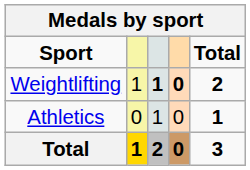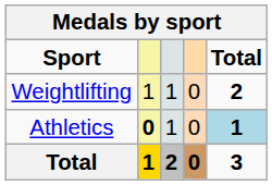 <table class=wikitable style="font-size:85%; float:right;text-align:center">
 <tr bgcolor=EFEFEF>
 <th colspan=7><strong>Medals by sport</strong></th>
 </tr>
 <tr>
 <td><strong>Sport</strong></td>
 <td bgcolor=F7F6A8></td>
 <td bgcolor=DCE5E5></td>
 <td bgcolor=FFDBA9></td>
 <td><strong>Total</strong></td>
 </tr>
 <tr>
 <td><a href='#'>Weightlifting</a></td>
 <td bgcolor=F7F6A8>1</td>
-<td bgcolor=DCE5E5><strong>1</strong></td>
-<td bgcolor=FFDAB9><strong>0</strong></td>
+<td bgcolor=DCE5E5>1</td>
+<td bgcolor=FFDAB9>0</td>
 <td><strong>2</strong></td>
 </tr>
 <tr>
 <td><a href='#'>Athletics</a></td>
-<td bgcolor=F7F6A8>0</td>
+<td bgcolor=F7F6A8><strong>0</strong></td>
 <td bgcolor=DCE5E5>1</td>
 <td bgcolor=FFDAB9>0</td>
-<td><strong>1</strong></td>
+<td style="background: lightblue;"><strong>1</strong></td>
 </tr>
 <tr>
 <th><strong>Total</strong></th>
 <td style="background:gold;"><strong>1</strong></td>
 <td style="background:silver;"><strong>2</strong></td>
 <td style="background:#c96;"><strong>0</strong></td>
 <td><strong>3</strong></td>
 </tr>
 </table>
